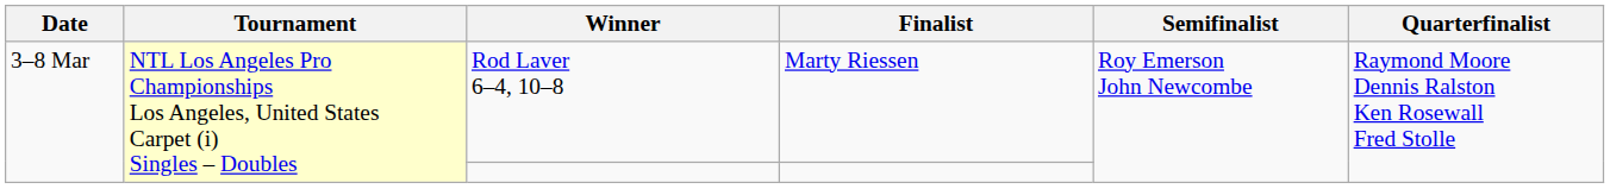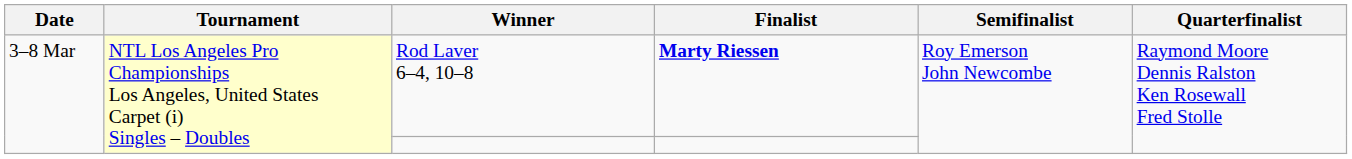 <table class="wikitable">
 <tr>
 <th width="75">Date</th>
 <th width="230">Tournament</th>
 <th width="210">Winner</th>
 <th width="210">Finalist</th>
 <th width="170">Semifinalist</th>
 <th width="170">Quarterfinalist</th>
 </tr>
 <tr valign=top>
 <td rowspan=2>3–8 Mar </td>
 <td style="background:#ffc;" rowspan=2><a href='#'>NTL Los Angeles Pro Championships</a><br>Los Angeles, United States<br> Carpet (i)<br><a href='#'>Singles</a> – <a href='#'>Doubles</a></td>
 <td> <a href='#'>Rod Laver</a><br>6–4, 10–8</td>
-<td> <a href='#'>Marty Riessen</a></td>
+<td><strong> <a href='#'>Marty Riessen</a></strong></td>
 <td rowspan=2> <a href='#'>Roy Emerson</a> <br>  <a href='#'>John Newcombe</a></td>
 <td rowspan=2> <a href='#'>Raymond Moore</a> <br>  <a href='#'>Dennis Ralston</a> <br>  <a href='#'>Ken Rosewall</a> <br>  <a href='#'>Fred Stolle</a></td>
 </tr>
 <tr valign=top>
 <td></td>
 <td></td>
 </tr>
 </table>
